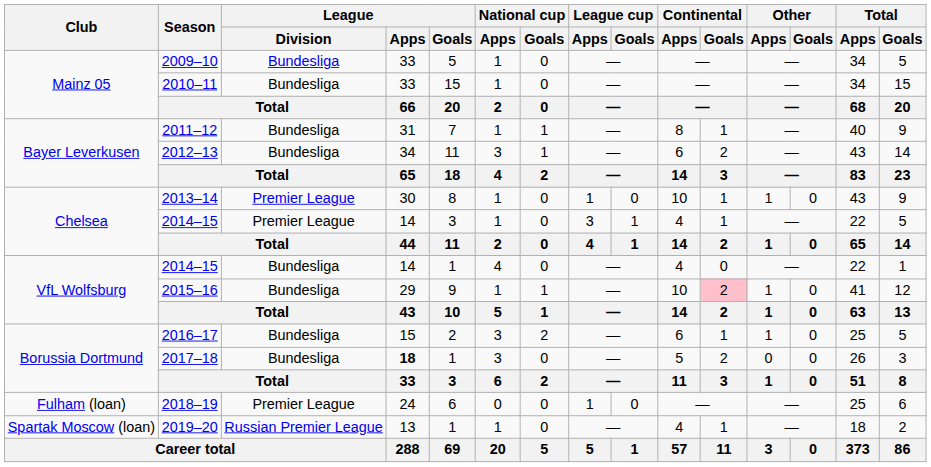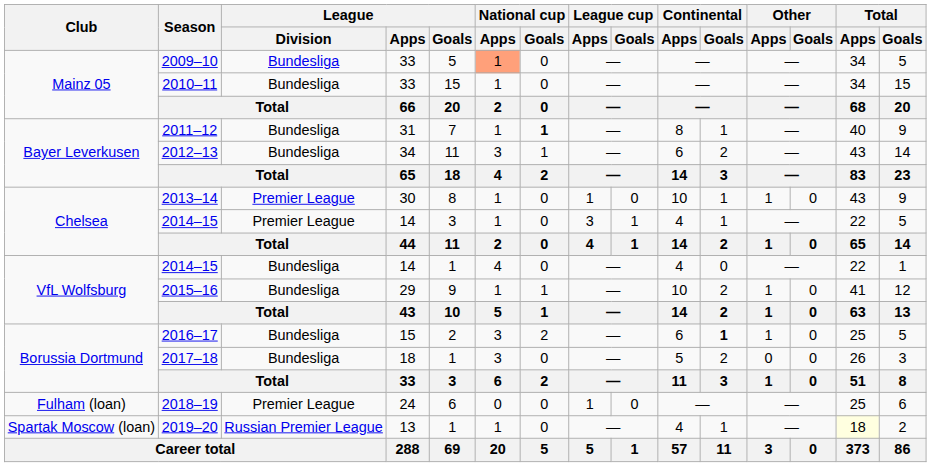 <table class="wikitable" style="text-align:center;">
 <tr>
 <th rowspan="2">Club</th>
 <th rowspan="2">Season</th>
 <th colspan="3">League</th>
 <th colspan="2">National cup</th>
 <th colspan="2">League cup</th>
 <th colspan="2">Continental</th>
 <th colspan="2">Other</th>
 <th colspan="2">Total</th>
 </tr>
 <tr>
 <th>Division</th>
 <th>Apps</th>
 <th>Goals</th>
 <th>Apps</th>
 <th>Goals</th>
 <th>Apps</th>
 <th>Goals</th>
 <th>Apps</th>
 <th>Goals</th>
 <th>Apps</th>
 <th>Goals</th>
 <th>Apps</th>
 <th>Goals</th>
 </tr>
 <tr>
 <td rowspan="3"><a href='#'>Mainz 05</a></td>
 <td><a href='#'>2009–10</a></td>
 <td><a href='#'>Bundesliga</a></td>
 <td>33</td>
 <td>5</td>
-<td>1</td>
+<td style="background: lightsalmon;">1</td>
 <td>0</td>
 <td colspan="2">—</td>
 <td colspan="2">—</td>
 <td colspan="2">—</td>
 <td>34</td>
 <td>5</td>
 </tr>
 <tr>
 <td><a href='#'>2010–11</a></td>
 <td>Bundesliga</td>
 <td>33</td>
 <td>15</td>
 <td>1</td>
 <td>0</td>
 <td colspan="2">—</td>
 <td colspan="2">—</td>
 <td colspan="2">—</td>
 <td>34</td>
 <td>15</td>
 </tr>
 <tr>
 <th colspan="2">Total</th>
 <th>66</th>
 <th>20</th>
 <th>2</th>
 <th>0</th>
 <th colspan="2">—</th>
 <th colspan="2">—</th>
 <th colspan="2">—</th>
 <th>68</th>
 <th>20</th>
 </tr>
 <tr>
 <td rowspan="3"><a href='#'>Bayer Leverkusen</a></td>
 <td><a href='#'>2011–12</a></td>
 <td>Bundesliga</td>
 <td>31</td>
 <td>7</td>
 <td>1</td>
-<td>1</td>
+<td><strong>1</strong></td>
 <td colspan="2">—</td>
 <td>8</td>
 <td>1</td>
 <td colspan="2">—</td>
 <td>40</td>
 <td>9</td>
 </tr>
 <tr>
 <td><a href='#'>2012–13</a></td>
 <td>Bundesliga</td>
 <td>34</td>
 <td>11</td>
 <td>3</td>
 <td>1</td>
 <td colspan="2">—</td>
 <td>6</td>
 <td>2</td>
 <td colspan="2">—</td>
 <td>43</td>
 <td>14</td>
 </tr>
 <tr>
 <th colspan="2">Total</th>
 <th>65</th>
 <th>18</th>
 <th>4</th>
 <th>2</th>
 <th colspan="2">—</th>
 <th>14</th>
 <th>3</th>
 <th colspan="2">—</th>
 <th>83</th>
 <th>23</th>
 </tr>
 <tr>
 <td rowspan="3"><a href='#'>Chelsea</a></td>
 <td><a href='#'>2013–14</a></td>
 <td><a href='#'>Premier League</a></td>
 <td>30</td>
 <td>8</td>
 <td>1</td>
 <td>0</td>
 <td>1</td>
 <td>0</td>
 <td>10</td>
 <td>1</td>
 <td>1</td>
 <td>0</td>
 <td>43</td>
 <td>9</td>
 </tr>
 <tr>
 <td><a href='#'>2014–15</a></td>
 <td>Premier League</td>
 <td>14</td>
 <td>3</td>
 <td>1</td>
 <td>0</td>
 <td>3</td>
 <td>1</td>
 <td>4</td>
 <td>1</td>
 <td colspan="2">—</td>
 <td>22</td>
 <td>5</td>
 </tr>
 <tr>
 <th colspan="2">Total</th>
 <th>44</th>
 <th>11</th>
 <th>2</th>
 <th>0</th>
 <th>4</th>
 <th>1</th>
 <th>14</th>
 <th>2</th>
 <th>1</th>
 <th>0</th>
 <th>65</th>
 <th>14</th>
 </tr>
 <tr>
 <td rowspan="3"><a href='#'>VfL Wolfsburg</a></td>
 <td><a href='#'>2014–15</a></td>
 <td>Bundesliga</td>
 <td>14</td>
 <td>1</td>
 <td>4</td>
 <td>0</td>
 <td colspan="2">—</td>
 <td>4</td>
 <td>0</td>
 <td colspan="2">—</td>
 <td>22</td>
 <td>1</td>
 </tr>
 <tr>
 <td><a href='#'>2015–16</a></td>
 <td>Bundesliga</td>
 <td>29</td>
 <td>9</td>
 <td>1</td>
 <td>1</td>
 <td colspan="2">—</td>
 <td>10</td>
-<td style="background: pink;">2</td>
+<td>2</td>
 <td>1</td>
 <td>0</td>
 <td>41</td>
 <td>12</td>
 </tr>
 <tr>
 <th colspan="2">Total</th>
 <th>43</th>
 <th>10</th>
 <th>5</th>
 <th>1</th>
 <th colspan="2">—</th>
 <th>14</th>
 <th>2</th>
 <th>1</th>
 <th>0</th>
 <th>63</th>
 <th>13</th>
 </tr>
 <tr>
 <td rowspan="3"><a href='#'>Borussia Dortmund</a></td>
 <td><a href='#'>2016–17</a></td>
 <td>Bundesliga</td>
 <td>15</td>
 <td>2</td>
 <td>3</td>
 <td>2</td>
 <td colspan="2">—</td>
 <td>6</td>
-<td>1</td>
+<td><strong>1</strong></td>
 <td>1</td>
 <td>0</td>
 <td>25</td>
 <td>5</td>
 </tr>
 <tr>
 <td><a href='#'>2017–18</a></td>
 <td>Bundesliga</td>
-<td><strong>18</strong></td>
+<td>18</td>
 <td>1</td>
 <td>3</td>
 <td>0</td>
 <td colspan="2">—</td>
 <td>5</td>
 <td>2</td>
 <td>0</td>
 <td>0</td>
 <td>26</td>
 <td>3</td>
 </tr>
 <tr>
 <th colspan="2">Total</th>
 <th>33</th>
 <th>3</th>
 <th>6</th>
 <th>2</th>
 <th colspan="2">—</th>
 <th>11</th>
 <th>3</th>
 <th>1</th>
 <th>0</th>
 <th>51</th>
 <th>8</th>
 </tr>
 <tr>
 <td><a href='#'>Fulham</a> (loan)</td>
 <td><a href='#'>2018–19</a></td>
 <td>Premier League</td>
 <td>24</td>
 <td>6</td>
 <td>0</td>
 <td>0</td>
 <td>1</td>
 <td>0</td>
 <td colspan="2">—</td>
 <td colspan="2">—</td>
 <td>25</td>
 <td>6</td>
 </tr>
 <tr>
 <td><a href='#'>Spartak Moscow</a> (loan)</td>
 <td><a href='#'>2019–20</a></td>
 <td><a href='#'>Russian Premier League</a></td>
 <td>13</td>
 <td>1</td>
 <td>1</td>
 <td>0</td>
 <td colspan="2">—</td>
 <td>4</td>
 <td>1</td>
 <td colspan="2">—</td>
-<td>18</td>
+<td style="background: lightyellow;">18</td>
 <td>2</td>
 </tr>
 <tr>
 <th colspan="3">Career total</th>
 <th>288</th>
 <th>69</th>
 <th>20</th>
 <th>5</th>
 <th>5</th>
 <th>1</th>
 <th>57</th>
 <th>11</th>
 <th>3</th>
 <th>0</th>
 <th>373</th>
 <th>86</th>
 </tr>
 </table>
